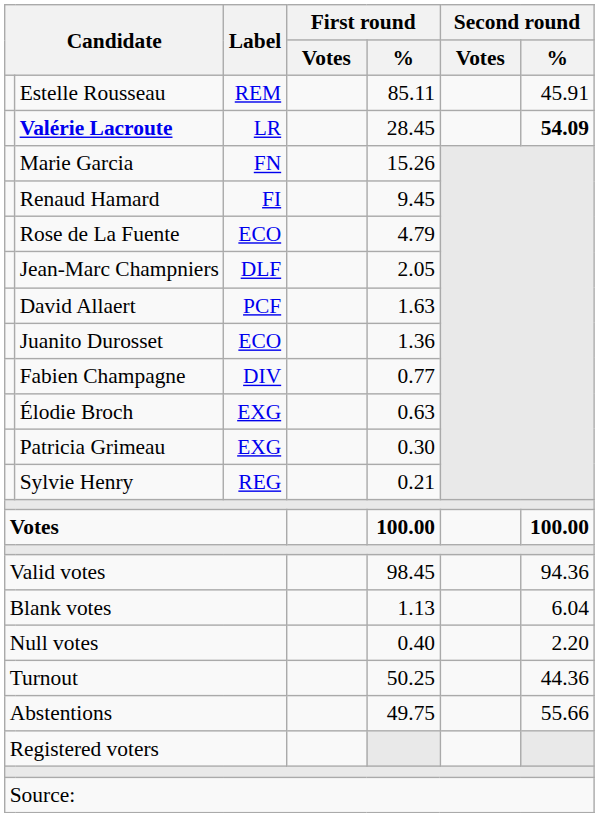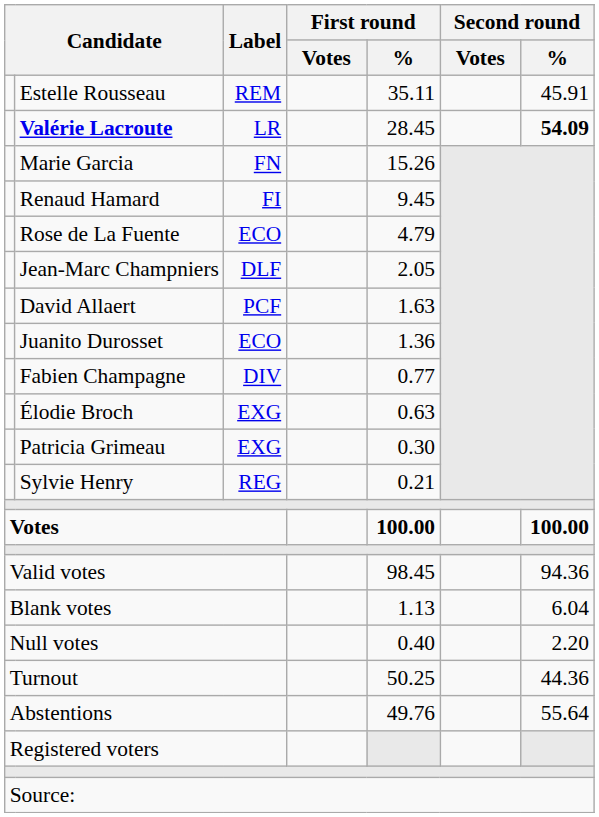 <table class="wikitable" style="text-align:right;font-size:95%;">
 <tr>
 <th rowspan="2" colspan="2">Candidate</th>
 <th rowspan="2">Label</th>
 <th colspan="2">First round</th>
 <th colspan="2">Second round</th>
 </tr>
 <tr>
 <th style="width:50px;">Votes</th>
 <th style="width:45px;">%</th>
 <th style="width:50px;">Votes</th>
 <th style="width:45px;">%</th>
 </tr>
 <tr>
 <td style="color:inherit;background:"></td>
 <td style="text-align:left;">Estelle Rousseau</td>
 <td><a href='#'>REM</a></td>
 <td></td>
-<td>85.11</td>
+<td>35.11</td>
 <td></td>
 <td>45.91</td>
 </tr>
 <tr>
 <td style="color:inherit;background:"></td>
 <td style="text-align:left;"><strong><a href='#'>Valérie Lacroute</a></strong></td>
 <td><a href='#'>LR</a></td>
 <td></td>
 <td>28.45</td>
 <td><strong></strong></td>
 <td><strong>54.09</strong></td>
 </tr>
 <tr>
 <td style="color:inherit;background:"></td>
 <td style="text-align:left;">Marie Garcia</td>
 <td><a href='#'>FN</a></td>
 <td></td>
 <td>15.26</td>
 <td colspan="2" rowspan="10" style="background:#E9E9E9;"></td>
 </tr>
 <tr>
 <td style="color:inherit;background:"></td>
 <td style="text-align:left;">Renaud Hamard</td>
 <td><a href='#'>FI</a></td>
 <td></td>
 <td>9.45</td>
 </tr>
 <tr>
 <td style="color:inherit;background:"></td>
 <td style="text-align:left;">Rose de La Fuente</td>
 <td><a href='#'>ECO</a></td>
 <td></td>
 <td>4.79</td>
 </tr>
 <tr>
 <td style="color:inherit;background:"></td>
 <td style="text-align:left;">Jean-Marc Champniers</td>
 <td><a href='#'>DLF</a></td>
 <td></td>
 <td>2.05</td>
 </tr>
 <tr>
 <td style="color:inherit;background:"></td>
 <td style="text-align:left;">David Allaert</td>
 <td><a href='#'>PCF</a></td>
 <td></td>
 <td>1.63</td>
 </tr>
 <tr>
 <td style="color:inherit;background:"></td>
 <td style="text-align:left;">Juanito Durosset</td>
 <td><a href='#'>ECO</a></td>
 <td></td>
 <td>1.36</td>
 </tr>
 <tr>
 <td style="color:inherit;background:"></td>
 <td style="text-align:left;">Fabien Champagne</td>
 <td><a href='#'>DIV</a></td>
 <td></td>
 <td>0.77</td>
 </tr>
 <tr>
 <td style="color:inherit;background:"></td>
 <td style="text-align:left;">Élodie Broch</td>
 <td><a href='#'>EXG</a></td>
 <td></td>
 <td>0.63</td>
 </tr>
 <tr>
 <td style="color:inherit;background:"></td>
 <td style="text-align:left;">Patricia Grimeau</td>
 <td><a href='#'>EXG</a></td>
 <td></td>
 <td>0.30</td>
 </tr>
 <tr>
 <td style="color:inherit;background:"></td>
 <td style="text-align:left;">Sylvie Henry</td>
 <td><a href='#'>REG</a></td>
 <td></td>
 <td>0.21</td>
 </tr>
 <tr>
 <td colspan="7" style="background:#E9E9E9;"></td>
 </tr>
 <tr style="font-weight:bold;">
 <td colspan="3" style="text-align:left;">Votes</td>
 <td></td>
 <td>100.00</td>
 <td></td>
 <td>100.00</td>
 </tr>
 <tr>
 <td colspan="7" style="background:#E9E9E9;"></td>
 </tr>
 <tr>
 <td colspan="3" style="text-align:left;">Valid votes</td>
 <td></td>
 <td>98.45</td>
 <td></td>
 <td>94.36</td>
 </tr>
 <tr>
 <td colspan="3" style="text-align:left;">Blank votes</td>
 <td></td>
 <td>1.13</td>
 <td></td>
 <td>6.04</td>
 </tr>
 <tr>
 <td colspan="3" style="text-align:left;">Null votes</td>
 <td></td>
 <td>0.40</td>
 <td></td>
 <td>2.20</td>
 </tr>
 <tr>
 <td colspan="3" style="text-align:left;">Turnout</td>
 <td></td>
 <td>50.25</td>
 <td></td>
 <td>44.36</td>
 </tr>
 <tr>
 <td colspan="3" style="text-align:left;">Abstentions</td>
 <td></td>
-<td>49.75</td>
+<td>49.76</td>
 <td></td>
-<td>55.66</td>
+<td>55.64</td>
 </tr>
 <tr>
 <td colspan="3" style="text-align:left;">Registered voters</td>
 <td></td>
 <td style="color:inherit;background:#E9E9E9;"></td>
 <td></td>
 <td style="color:inherit;background:#E9E9E9;"></td>
 </tr>
 <tr>
 <td colspan="7" style="background:#E9E9E9;"></td>
 </tr>
 <tr>
 <td colspan="7" style="text-align:left;">Source: </td>
 </tr>
 </table>
